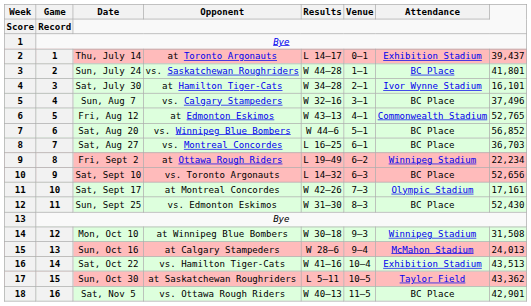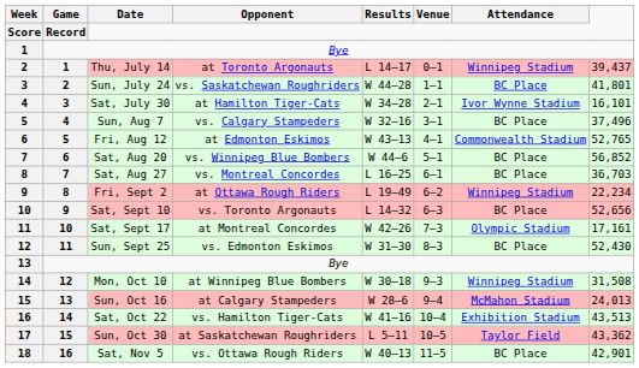 <table class="wikitable" style="text-align:center">
 <tr>
 <th>Week</th>
 <th>Game</th>
 <th>Date</th>
 <th>Opponent</th>
 <th>Results</th>
 <th>Venue</th>
 <th>Attendance</th>
 </tr>
 <tr>
 <th>Score</th>
 <th>Record</th>
 </tr>
 <tr>
 <th>1</th>
 <td colspan=7><em><a href='#'>Bye</a></em></td>
 </tr>
 <tr style="background:#ffbbbb">
 <th>2</th>
 <th>1</th>
 <td>Thu, July 14</td>
 <td>at <a href='#'>Toronto Argonauts</a></td>
 <td>L 14–17</td>
 <td>0–1</td>
-<td><a href='#'>Exhibition Stadium</a></td>
+<td><a href='#'>Winnipeg Stadium</a></td>
 <td>39,437</td>
 </tr>
 <tr style="background:#ddffdd">
 <th>3</th>
 <th>2</th>
 <td>Sun, July 24</td>
 <td>vs. <a href='#'>Saskatchewan Roughriders</a></td>
 <td>W 44–28</td>
 <td>1–1</td>
 <td><a href='#'>BC Place</a></td>
 <td>41,801</td>
 </tr>
 <tr style="background:#ddffdd">
 <th>4</th>
 <th>3</th>
 <td>Sat, July 30</td>
 <td>at <a href='#'>Hamilton Tiger-Cats</a></td>
 <td>W 34–28</td>
 <td>2–1</td>
 <td><a href='#'>Ivor Wynne Stadium</a></td>
 <td>16,101</td>
 </tr>
 <tr style="background:#ddffdd">
 <th>5</th>
 <th>4</th>
 <td>Sun, Aug 7</td>
 <td>vs. <a href='#'>Calgary Stampeders</a></td>
 <td>W 32–16</td>
 <td>3–1</td>
 <td>BC Place</td>
 <td>37,496</td>
 </tr>
 <tr style="background:#ddffdd">
 <th>6</th>
 <th>5</th>
 <td>Fri, Aug 12</td>
 <td>at <a href='#'>Edmonton Eskimos</a></td>
 <td>W 43–13</td>
 <td>4–1</td>
 <td><a href='#'>Commonwealth Stadium</a></td>
 <td>52,765</td>
 </tr>
 <tr style="background:#ddffdd">
 <th>7</th>
 <th>6</th>
 <td>Sat, Aug 20</td>
 <td>vs. <a href='#'>Winnipeg Blue Bombers</a></td>
 <td>W 44–6</td>
 <td>5–1</td>
 <td>BC Place</td>
 <td>56,852</td>
 </tr>
 <tr style="background:#ddffdd">
 <th>8</th>
 <th>7</th>
 <td>Sat, Aug 27</td>
 <td>vs. <a href='#'>Montreal Concordes</a></td>
 <td>L 16–25</td>
 <td>6–1</td>
 <td>BC Place</td>
 <td>36,703</td>
 </tr>
 <tr style="background:#ffbbbb">
 <th>9</th>
 <th>8</th>
 <td>Fri, Sept 2</td>
 <td>at <a href='#'>Ottawa Rough Riders</a></td>
 <td>L 19–49</td>
 <td>6–2</td>
 <td><a href='#'>Winnipeg Stadium</a></td>
 <td>22,234</td>
 </tr>
 <tr style="background:#ffbbbb">
 <th>10</th>
 <th>9</th>
 <td>Sat, Sept 10</td>
 <td>vs. Toronto Argonauts</td>
 <td>L 14–32</td>
 <td>6–3</td>
 <td>BC Place</td>
 <td>52,656</td>
 </tr>
 <tr style="background:#ddffdd">
 <th>11</th>
 <th>10</th>
 <td>Sat, Sept 17</td>
 <td>at Montreal Concordes</td>
 <td>W 42–26</td>
 <td>7–3</td>
 <td><a href='#'>Olympic Stadium</a></td>
 <td>17,161</td>
 </tr>
 <tr style="background:#ddffdd">
 <th>12</th>
 <th>11</th>
 <td>Sun, Sept 25</td>
 <td>vs. Edmonton Eskimos</td>
 <td>W 31–30</td>
 <td>8–3</td>
 <td>BC Place</td>
 <td>52,430</td>
 </tr>
 <tr>
 <th>13</th>
 <td colspan=7><em>Bye</em></td>
 </tr>
 <tr style="background:#ddffdd">
 <th>14</th>
 <th>12</th>
 <td>Mon, Oct 10</td>
 <td>at Winnipeg Blue Bombers</td>
 <td>W 30–18</td>
 <td>9–3</td>
 <td><a href='#'>Winnipeg Stadium</a></td>
 <td>31,508</td>
 </tr>
 <tr style="background:#ffbbbb">
 <th>15</th>
 <th>13</th>
 <td>Sun, Oct 16</td>
 <td>at Calgary Stampeders</td>
 <td>W 28–6</td>
 <td>9–4</td>
 <td><a href='#'>McMahon Stadium</a></td>
 <td>24,013</td>
 </tr>
 <tr style="background:#ddffdd">
 <th>16</th>
 <th>14</th>
 <td>Sat, Oct 22</td>
 <td>vs. Hamilton Tiger-Cats</td>
 <td>W 41–16</td>
 <td>10–4</td>
 <td><a href='#'>Exhibition Stadium</a></td>
 <td>43,513</td>
 </tr>
 <tr style="background:#ffbbbb">
 <th>17</th>
 <th>15</th>
 <td>Sun, Oct 30</td>
 <td>at Saskatchewan Roughriders</td>
 <td>L 5–11</td>
 <td>10–5</td>
 <td><a href='#'>Taylor Field</a></td>
 <td>43,362</td>
 </tr>
 <tr style="background:#ddffdd">
 <th>18</th>
 <th>16</th>
 <td>Sat, Nov 5</td>
 <td>vs. Ottawa Rough Riders</td>
 <td>W 40–13</td>
 <td>11–5</td>
 <td>BC Place</td>
 <td>42,901</td>
 </tr>
 </table>
